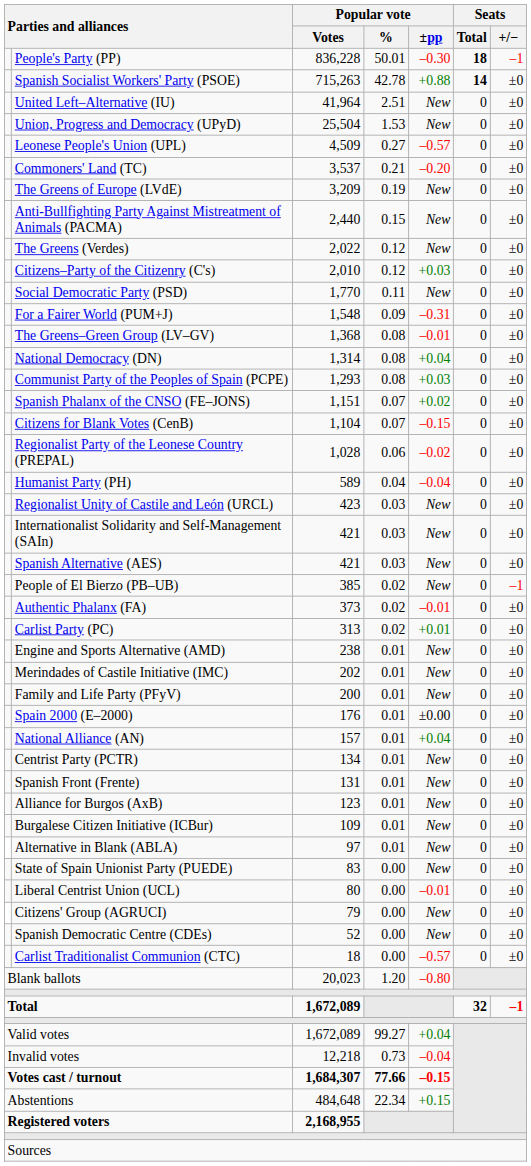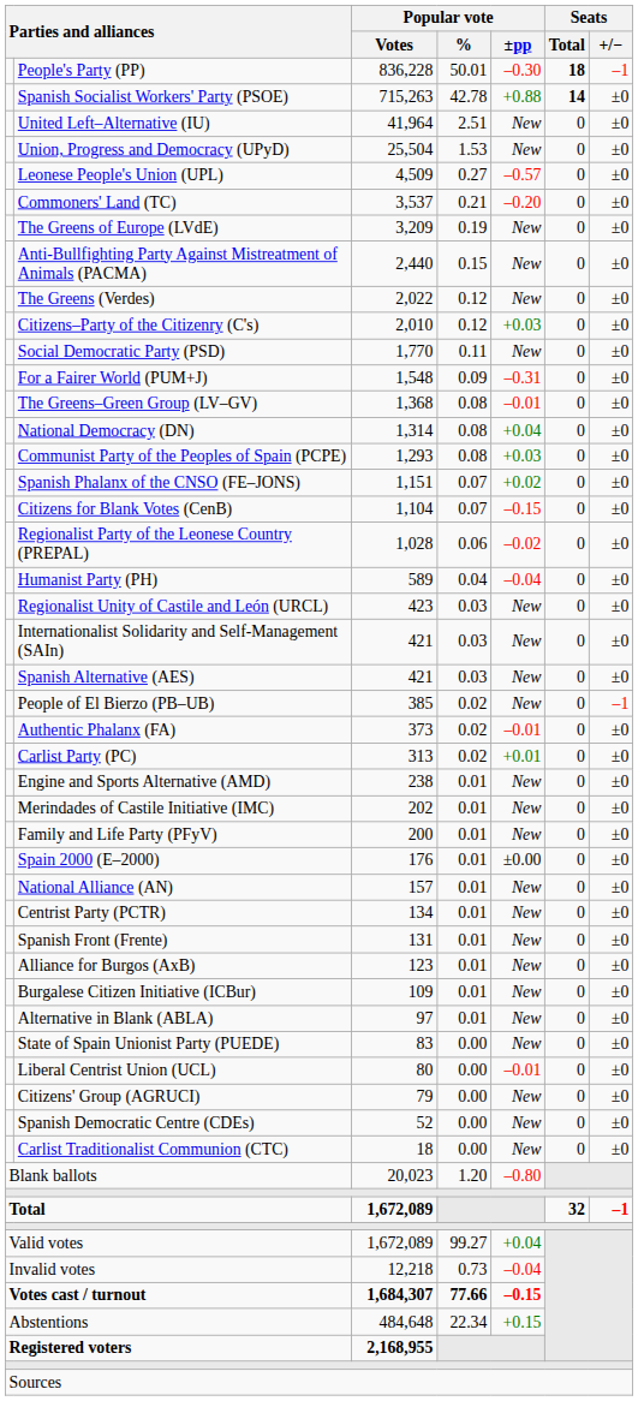 <table class="wikitable" style="text-align:right;">
 <tr>
 <th style="text-align:left;" rowspan="2" colspan="2" width="525">Parties and alliances</th>
 <th colspan="3">Popular vote</th>
 <th colspan="2">Seats</th>
 </tr>
 <tr>
 <th width="75">Votes</th>
 <th width="45">%</th>
 <th width="45">±<a href='#'>pp</a></th>
 <th width="35">Total</th>
 <th width="35">+/−</th>
 </tr>
 <tr>
 <td width="1" style="color:inherit;background:"></td>
 <td align="left"><a href='#'>People's Party</a> (PP)</td>
 <td>836,228</td>
 <td>50.01</td>
 <td style="color:red;">–0.30</td>
 <td><strong>18</strong></td>
 <td style="color:red;">–1</td>
 </tr>
 <tr>
 <td style="color:inherit;background:"></td>
 <td align="left"><a href='#'>Spanish Socialist Workers' Party</a> (PSOE)</td>
 <td>715,263</td>
 <td>42.78</td>
 <td style="color:green;">+0.88</td>
 <td><strong>14</strong></td>
 <td>±0</td>
 </tr>
 <tr>
 <td style="color:inherit;background:"></td>
 <td align="left"><a href='#'>United Left–Alternative</a> (IU)</td>
 <td>41,964</td>
 <td>2.51</td>
 <td><em>New</em></td>
 <td>0</td>
 <td>±0</td>
 </tr>
 <tr>
 <td style="color:inherit;background:"></td>
 <td align="left"><a href='#'>Union, Progress and Democracy</a> (UPyD)</td>
 <td>25,504</td>
 <td>1.53</td>
 <td><em>New</em></td>
 <td>0</td>
 <td>±0</td>
 </tr>
 <tr>
 <td style="color:inherit;background:"></td>
 <td align="left"><a href='#'>Leonese People's Union</a> (UPL)</td>
 <td>4,509</td>
 <td>0.27</td>
 <td style="color:red;">–0.57</td>
 <td>0</td>
 <td>±0</td>
 </tr>
 <tr>
 <td style="color:inherit;background:"></td>
 <td align="left"><a href='#'>Commoners' Land</a> (TC)</td>
 <td>3,537</td>
 <td>0.21</td>
 <td style="color:red;">–0.20</td>
 <td>0</td>
 <td>±0</td>
 </tr>
 <tr>
 <td style="color:inherit;background:"></td>
 <td align="left"><a href='#'>The Greens of Europe</a> (LVdE)</td>
 <td>3,209</td>
 <td>0.19</td>
 <td><em>New</em></td>
 <td>0</td>
 <td>±0</td>
 </tr>
 <tr>
 <td style="color:inherit;background:"></td>
 <td align="left"><a href='#'>Anti-Bullfighting Party Against Mistreatment of Animals</a> (PACMA)</td>
 <td>2,440</td>
 <td>0.15</td>
 <td><em>New</em></td>
 <td>0</td>
 <td>±0</td>
 </tr>
 <tr>
 <td style="color:inherit;background:"></td>
 <td align="left"><a href='#'>The Greens</a> (Verdes)</td>
 <td>2,022</td>
 <td>0.12</td>
 <td><em>New</em></td>
 <td>0</td>
 <td>±0</td>
 </tr>
 <tr>
 <td style="color:inherit;background:"></td>
 <td align="left"><a href='#'>Citizens–Party of the Citizenry</a> (C's)</td>
 <td>2,010</td>
 <td>0.12</td>
 <td style="color:green;">+0.03</td>
 <td>0</td>
 <td>±0</td>
 </tr>
 <tr>
 <td style="color:inherit;background:"></td>
 <td align="left"><a href='#'>Social Democratic Party</a> (PSD)</td>
 <td>1,770</td>
 <td>0.11</td>
 <td><em>New</em></td>
 <td>0</td>
 <td>±0</td>
 </tr>
 <tr>
 <td style="color:inherit;background:"></td>
 <td align="left"><a href='#'>For a Fairer World</a> (PUM+J)</td>
 <td>1,548</td>
 <td>0.09</td>
 <td style="color:red;">–0.31</td>
 <td>0</td>
 <td>±0</td>
 </tr>
 <tr>
 <td style="color:inherit;background:"></td>
 <td align="left"><a href='#'>The Greens–Green Group</a> (LV–GV)</td>
 <td>1,368</td>
 <td>0.08</td>
 <td style="color:red;">–0.01</td>
 <td>0</td>
 <td>±0</td>
 </tr>
 <tr>
 <td style="color:inherit;background:"></td>
 <td align="left"><a href='#'>National Democracy</a> (DN)</td>
 <td>1,314</td>
 <td>0.08</td>
 <td style="color:green;">+0.04</td>
 <td>0</td>
 <td>±0</td>
 </tr>
 <tr>
 <td style="color:inherit;background:"></td>
 <td align="left"><a href='#'>Communist Party of the Peoples of Spain</a> (PCPE)</td>
 <td>1,293</td>
 <td>0.08</td>
 <td style="color:green;">+0.03</td>
 <td>0</td>
 <td>±0</td>
 </tr>
 <tr>
 <td style="color:inherit;background:"></td>
 <td align="left"><a href='#'>Spanish Phalanx of the CNSO</a> (FE–JONS)</td>
 <td>1,151</td>
 <td>0.07</td>
 <td style="color:green;">+0.02</td>
 <td>0</td>
 <td>±0</td>
 </tr>
 <tr>
 <td style="color:inherit;background:"></td>
 <td align="left"><a href='#'>Citizens for Blank Votes</a> (CenB)</td>
 <td>1,104</td>
 <td>0.07</td>
 <td style="color:red;">–0.15</td>
 <td>0</td>
 <td>±0</td>
 </tr>
 <tr>
 <td style="color:inherit;background:"></td>
 <td align="left"><a href='#'>Regionalist Party of the Leonese Country</a> (PREPAL)</td>
 <td>1,028</td>
 <td>0.06</td>
 <td style="color:red;">–0.02</td>
 <td>0</td>
 <td>±0</td>
 </tr>
 <tr>
 <td style="color:inherit;background:"></td>
 <td align="left"><a href='#'>Humanist Party</a> (PH)</td>
 <td>589</td>
 <td>0.04</td>
 <td style="color:red;">–0.04</td>
 <td>0</td>
 <td>±0</td>
 </tr>
 <tr>
 <td style="color:inherit;background:"></td>
 <td align="left"><a href='#'>Regionalist Unity of Castile and León</a> (URCL)</td>
 <td>423</td>
 <td>0.03</td>
 <td><em>New</em></td>
 <td>0</td>
 <td>±0</td>
 </tr>
 <tr>
 <td style="color:inherit;background:"></td>
 <td align="left">Internationalist Solidarity and Self-Management (SAIn)</td>
 <td>421</td>
 <td>0.03</td>
 <td><em>New</em></td>
 <td>0</td>
 <td>±0</td>
 </tr>
 <tr>
 <td style="color:inherit;background:"></td>
 <td align="left"><a href='#'>Spanish Alternative</a> (AES)</td>
 <td>421</td>
 <td>0.03</td>
 <td><em>New</em></td>
 <td>0</td>
 <td>±0</td>
 </tr>
 <tr>
 <td style="color:inherit;background:"></td>
 <td align="left">People of El Bierzo (PB–UB)</td>
 <td>385</td>
 <td>0.02</td>
 <td><em>New</em></td>
 <td>0</td>
 <td style="color:red;">–1</td>
 </tr>
 <tr>
 <td style="color:inherit;background:"></td>
 <td align="left"><a href='#'>Authentic Phalanx</a> (FA)</td>
 <td>373</td>
 <td>0.02</td>
 <td style="color:red;">–0.01</td>
 <td>0</td>
 <td>±0</td>
 </tr>
 <tr>
 <td style="color:inherit;background:"></td>
 <td align="left"><a href='#'>Carlist Party</a> (PC)</td>
 <td>313</td>
 <td>0.02</td>
 <td style="color:green;">+0.01</td>
 <td>0</td>
 <td>±0</td>
 </tr>
 <tr>
 <td style="color:inherit;background:"></td>
 <td align="left">Engine and Sports Alternative (AMD)</td>
 <td>238</td>
 <td>0.01</td>
 <td><em>New</em></td>
 <td>0</td>
 <td>±0</td>
 </tr>
 <tr>
 <td style="color:inherit;background:"></td>
 <td align="left">Merindades of Castile Initiative (IMC)</td>
 <td>202</td>
 <td>0.01</td>
 <td><em>New</em></td>
 <td>0</td>
 <td>±0</td>
 </tr>
 <tr>
 <td style="color:inherit;background:"></td>
 <td align="left">Family and Life Party (PFyV)</td>
 <td>200</td>
 <td>0.01</td>
 <td><em>New</em></td>
 <td>0</td>
 <td>±0</td>
 </tr>
 <tr>
 <td style="color:inherit;background:"></td>
 <td align="left"><a href='#'>Spain 2000</a> (E–2000)</td>
 <td>176</td>
 <td>0.01</td>
 <td>±0.00</td>
 <td>0</td>
 <td>±0</td>
 </tr>
 <tr>
 <td style="color:inherit;background:"></td>
 <td align="left"><a href='#'>National Alliance</a> (AN)</td>
 <td>157</td>
 <td>0.01</td>
-<td style="color:green;">+0.04</td>
+<td><em>New</em></td>
 <td>0</td>
 <td>±0</td>
 </tr>
 <tr>
 <td style="color:inherit;background:"></td>
 <td align="left">Centrist Party (PCTR)</td>
 <td>134</td>
 <td>0.01</td>
 <td><em>New</em></td>
 <td>0</td>
 <td>±0</td>
 </tr>
 <tr>
 <td style="color:inherit;background:"></td>
 <td align="left">Spanish Front (Frente)</td>
 <td>131</td>
 <td>0.01</td>
 <td><em>New</em></td>
 <td>0</td>
 <td>±0</td>
 </tr>
 <tr>
 <td style="color:inherit;background:"></td>
 <td align="left">Alliance for Burgos (AxB)</td>
 <td>123</td>
 <td>0.01</td>
 <td><em>New</em></td>
 <td>0</td>
 <td>±0</td>
 </tr>
 <tr>
 <td style="color:inherit;background:"></td>
 <td align="left">Burgalese Citizen Initiative (ICBur)</td>
 <td>109</td>
 <td>0.01</td>
 <td><em>New</em></td>
 <td>0</td>
 <td>±0</td>
 </tr>
 <tr>
 <td bgcolor="white"></td>
 <td align="left">Alternative in Blank (ABLA)</td>
 <td>97</td>
 <td>0.01</td>
 <td><em>New</em></td>
 <td>0</td>
 <td>±0</td>
 </tr>
 <tr>
 <td style="color:inherit;background:"></td>
 <td align="left">State of Spain Unionist Party (PUEDE)</td>
 <td>83</td>
 <td>0.00</td>
 <td><em>New</em></td>
 <td>0</td>
 <td>±0</td>
 </tr>
 <tr>
 <td style="color:inherit;background:"></td>
 <td align="left">Liberal Centrist Union (UCL)</td>
 <td>80</td>
 <td>0.00</td>
 <td style="color:red;">–0.01</td>
 <td>0</td>
 <td>±0</td>
 </tr>
 <tr>
 <td bgcolor="white"></td>
 <td align="left">Citizens' Group (AGRUCI)</td>
 <td>79</td>
 <td>0.00</td>
 <td><em>New</em></td>
 <td>0</td>
 <td>±0</td>
 </tr>
 <tr>
 <td style="color:inherit;background:"></td>
 <td align="left">Spanish Democratic Centre (CDEs)</td>
 <td>52</td>
 <td>0.00</td>
 <td><em>New</em></td>
 <td>0</td>
 <td>±0</td>
 </tr>
 <tr>
 <td style="color:inherit;background:"></td>
 <td align="left"><a href='#'>Carlist Traditionalist Communion</a> (CTC)</td>
 <td>18</td>
 <td>0.00</td>
-<td style="color:red;">–0.57</td>
+<td><em>New</em></td>
 <td>0</td>
 <td>±0</td>
 </tr>
 <tr>
 <td align="left" colspan="2">Blank ballots</td>
 <td>20,023</td>
 <td>1.20</td>
 <td style="color:red;">–0.80</td>
 <td bgcolor="#E9E9E9" colspan="2"></td>
 </tr>
 <tr>
 <td colspan="7" bgcolor="#E9E9E9"></td>
 </tr>
 <tr style="font-weight:bold;">
 <td align="left" colspan="2">Total</td>
 <td>1,672,089</td>
 <td bgcolor="#E9E9E9" colspan="2"></td>
 <td>32</td>
 <td style="color:red;">–1</td>
 </tr>
 <tr>
 <td colspan="7" bgcolor="#E9E9E9"></td>
 </tr>
 <tr>
 <td align="left" colspan="2">Valid votes</td>
 <td>1,672,089</td>
 <td>99.27</td>
 <td style="color:green;">+0.04</td>
 <td bgcolor="#E9E9E9" colspan="2" rowspan="5"></td>
 </tr>
 <tr>
 <td align="left" colspan="2">Invalid votes</td>
 <td>12,218</td>
 <td>0.73</td>
 <td style="color:red;">–0.04</td>
 </tr>
 <tr style="font-weight:bold;">
 <td align="left" colspan="2">Votes cast / turnout</td>
 <td>1,684,307</td>
 <td>77.66</td>
 <td style="color:red;">–0.15</td>
 </tr>
 <tr>
 <td align="left" colspan="2">Abstentions</td>
 <td>484,648</td>
 <td>22.34</td>
 <td style="color:green;">+0.15</td>
 </tr>
 <tr style="font-weight:bold;">
 <td align="left" colspan="2">Registered voters</td>
 <td>2,168,955</td>
 <td bgcolor="#E9E9E9" colspan="2"></td>
 </tr>
 <tr>
 <td colspan="7" bgcolor="#E9E9E9"></td>
 </tr>
 <tr>
 <td align="left" colspan="7">Sources</td>
 </tr>
 </table>
